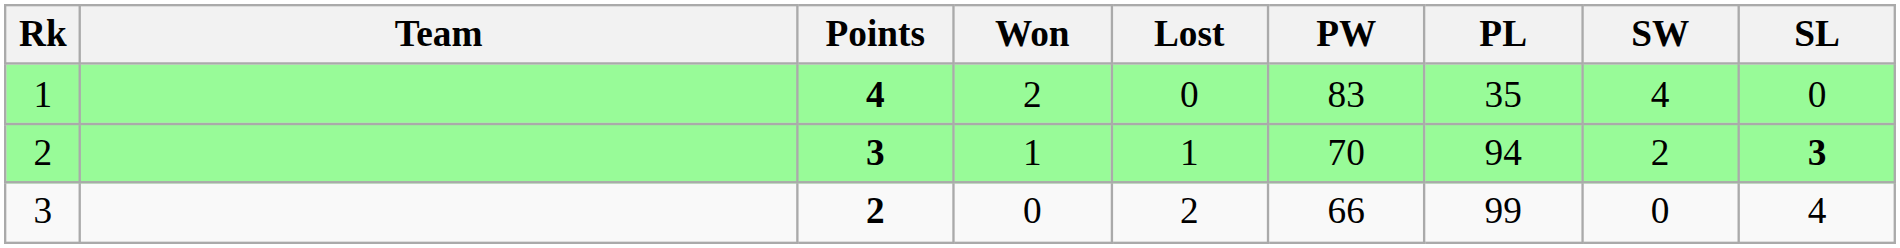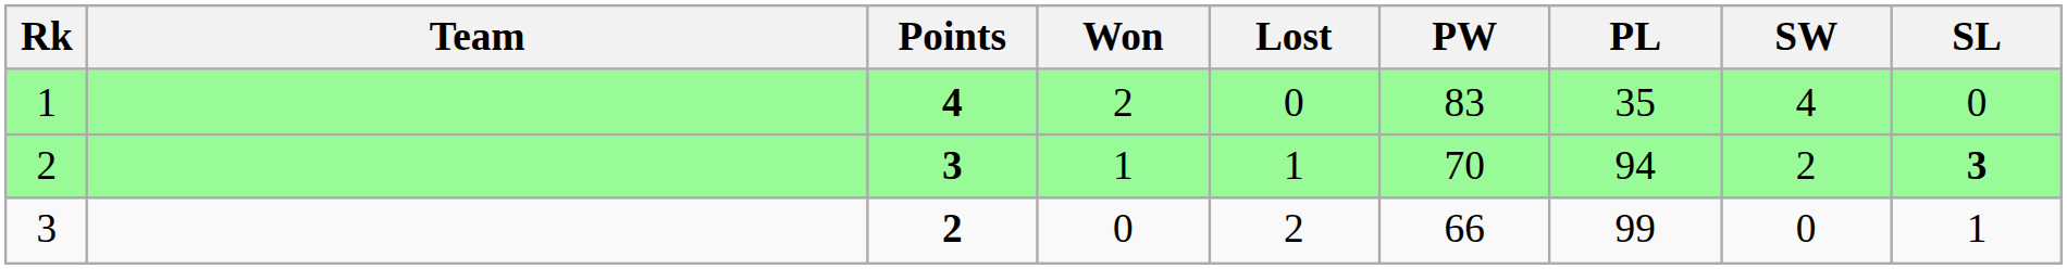 <table class=wikitable style=text-align:center>
 <tr>
 <th width=25>Rk</th>
 <th width=300>Team</th>
 <th width=60>Points</th>
 <th width=60>Won</th>
 <th width=60>Lost</th>
 <th width=60>PW</th>
 <th width=60>PL</th>
 <th width=60>SW</th>
 <th width=60>SL</th>
 </tr>
 <tr bgcolor="#98fb98">
 <td>1</td>
 <td align=left></td>
 <td><strong>4</strong></td>
 <td>2</td>
 <td>0</td>
 <td>83</td>
 <td>35</td>
 <td>4</td>
 <td>0</td>
 </tr>
 <tr bgcolor="#98fb98">
 <td>2</td>
 <td align=left></td>
 <td><strong>3</strong></td>
 <td>1</td>
 <td>1</td>
 <td>70</td>
 <td>94</td>
 <td>2</td>
 <td><strong>3</strong></td>
 </tr>
 <tr>
 <td>3</td>
 <td align=left></td>
 <td><strong>2</strong></td>
 <td>0</td>
 <td>2</td>
 <td>66</td>
 <td>99</td>
 <td>0</td>
-<td>4</td>
+<td>1</td>
 </tr>
 </table>
